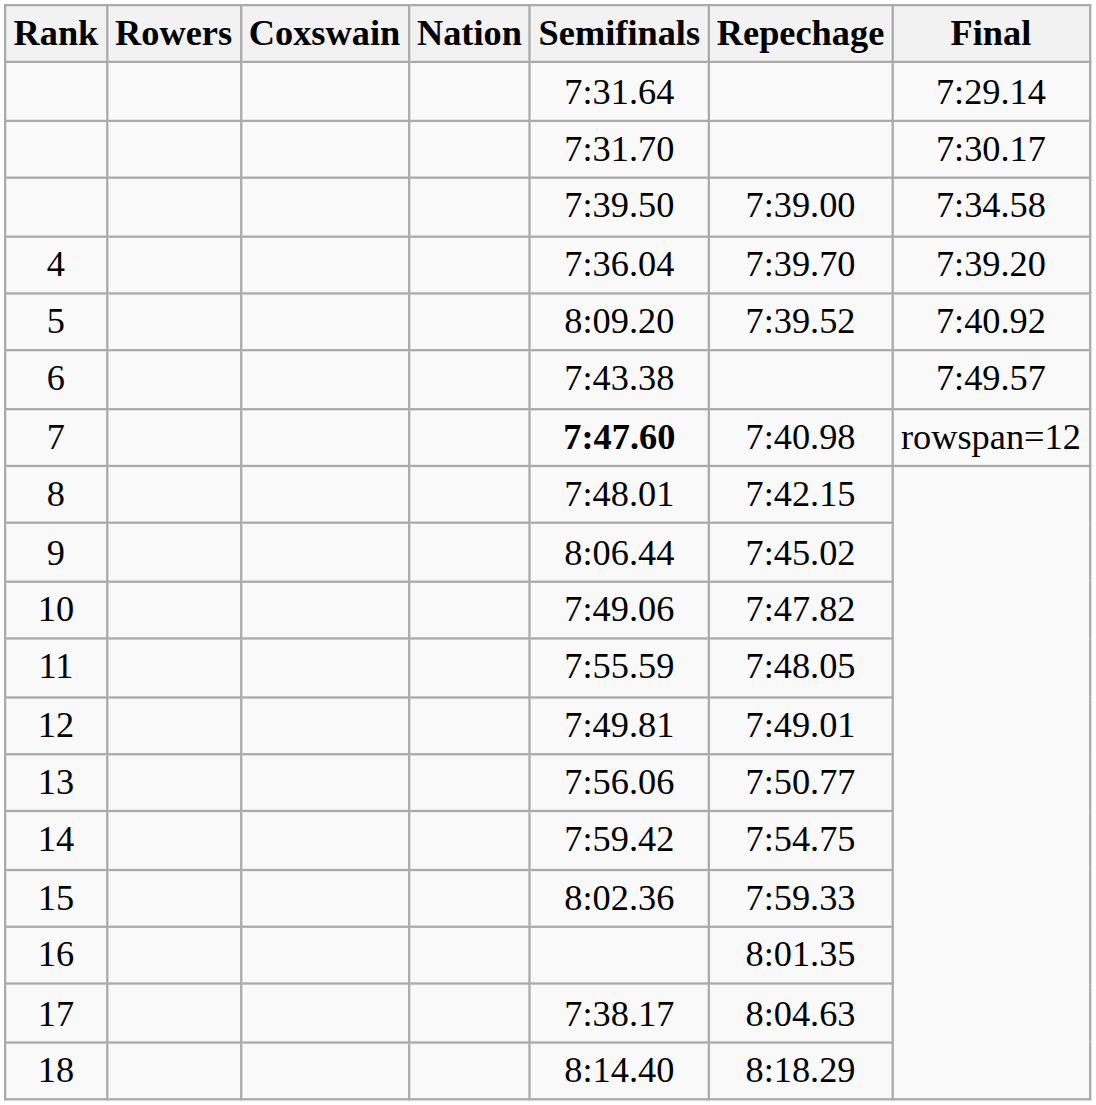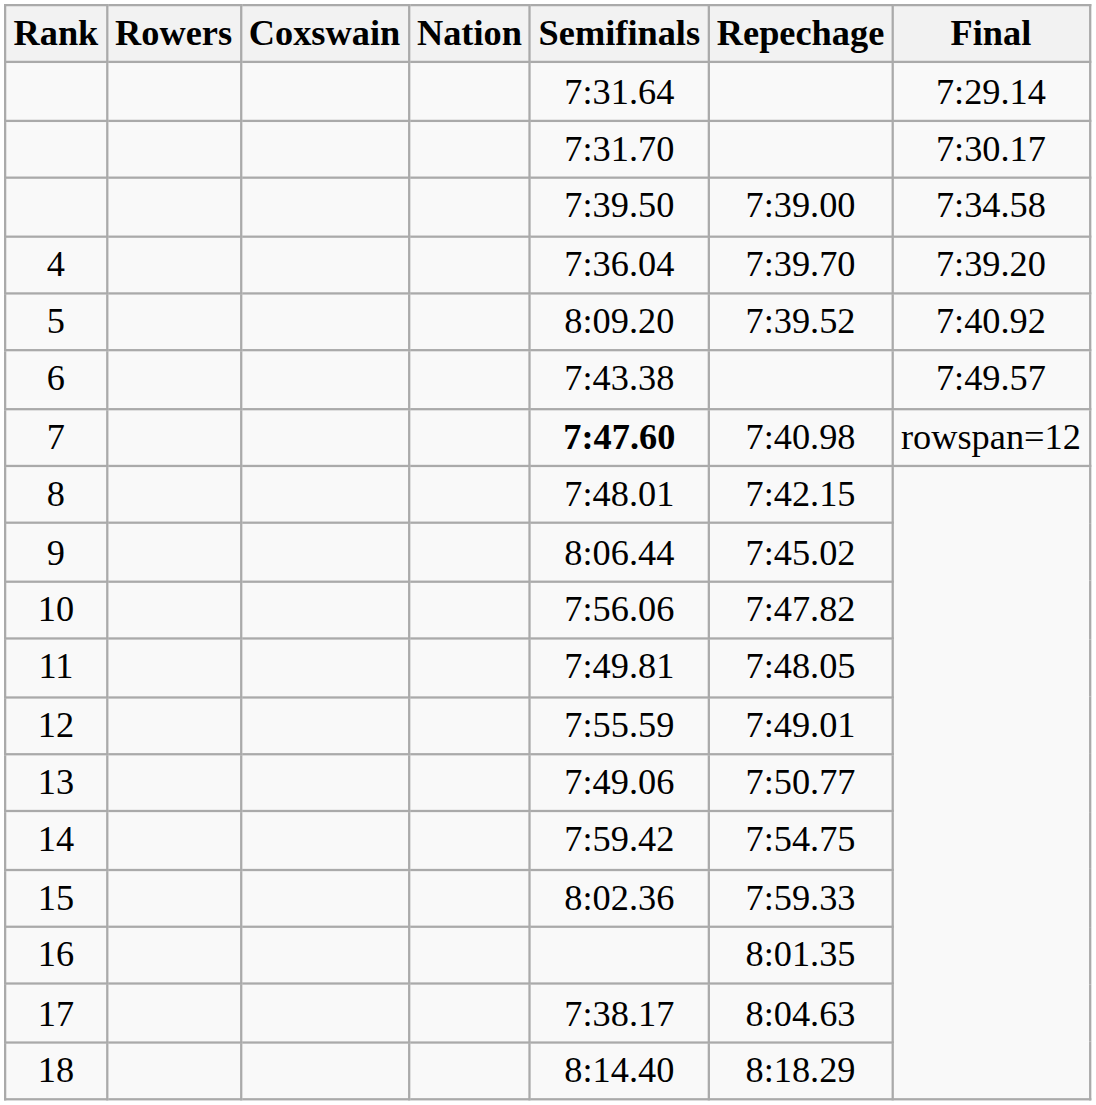 <table class="wikitable sortable" style=text-align:center>
 <tr>
 <th>Rank</th>
 <th>Rowers</th>
 <th>Coxswain</th>
 <th>Nation</th>
 <th>Semifinals</th>
 <th>Repechage</th>
 <th>Final</th>
 </tr>
 <tr>
 <td></td>
 <td align=left></td>
 <td align=left></td>
 <td align=left></td>
 <td>7:31.64</td>
 <td></td>
 <td>7:29.14</td>
 </tr>
 <tr>
 <td></td>
 <td align=left></td>
 <td align=left></td>
 <td align=left></td>
 <td>7:31.70</td>
 <td></td>
 <td>7:30.17</td>
 </tr>
 <tr>
 <td></td>
 <td align=left></td>
 <td align=left></td>
 <td align=left></td>
 <td>7:39.50</td>
 <td>7:39.00</td>
 <td>7:34.58</td>
 </tr>
 <tr>
 <td>4</td>
 <td align=left></td>
 <td align=left></td>
 <td align=left></td>
 <td>7:36.04</td>
 <td>7:39.70</td>
 <td>7:39.20</td>
 </tr>
 <tr>
 <td>5</td>
 <td align=left></td>
 <td align=left></td>
 <td align=left></td>
 <td>8:09.20</td>
 <td>7:39.52</td>
 <td>7:40.92</td>
 </tr>
 <tr>
 <td>6</td>
 <td align=left></td>
 <td align=left></td>
 <td align=left></td>
 <td>7:43.38</td>
 <td></td>
 <td>7:49.57</td>
 </tr>
 <tr>
 <td>7</td>
 <td align=left></td>
 <td align=left></td>
 <td align=left></td>
 <td><strong>7:47.60</strong></td>
 <td>7:40.98</td>
 <td>rowspan=12 </td>
 </tr>
 <tr>
 <td>8</td>
 <td align=left></td>
 <td align=left></td>
 <td align=left></td>
 <td>7:48.01</td>
 <td>7:42.15</td>
 </tr>
 <tr>
 <td>9</td>
 <td align=left></td>
 <td align=left></td>
 <td align=left></td>
 <td>8:06.44</td>
 <td>7:45.02</td>
 </tr>
 <tr>
 <td>10</td>
 <td align=left></td>
 <td align=left></td>
 <td align=left></td>
-<td>7:49.06</td>
+<td>7:56.06</td>
 <td>7:47.82</td>
 </tr>
 <tr>
 <td>11</td>
 <td align=left></td>
 <td align=left></td>
 <td align=left></td>
-<td>7:55.59</td>
+<td>7:49.81</td>
 <td>7:48.05</td>
 </tr>
 <tr>
 <td>12</td>
 <td align=left></td>
 <td align=left></td>
 <td align=left></td>
-<td>7:49.81</td>
+<td>7:55.59</td>
 <td>7:49.01</td>
 </tr>
 <tr>
 <td>13</td>
 <td align=left></td>
 <td align=left></td>
 <td align=left></td>
-<td>7:56.06</td>
+<td>7:49.06</td>
 <td>7:50.77</td>
 </tr>
 <tr>
 <td>14</td>
 <td align=left></td>
 <td align=left></td>
 <td align=left></td>
 <td>7:59.42</td>
 <td>7:54.75</td>
 </tr>
 <tr>
 <td>15</td>
 <td align=left></td>
 <td align=left></td>
 <td align=left></td>
 <td>8:02.36</td>
 <td>7:59.33</td>
 </tr>
 <tr>
 <td>16</td>
 <td align=left></td>
 <td align=left></td>
 <td align=left></td>
 <td data-sort-value=9:99.99></td>
 <td>8:01.35</td>
 </tr>
 <tr>
 <td>17</td>
 <td align=left></td>
 <td align=left></td>
 <td align=left></td>
 <td>7:38.17</td>
 <td>8:04.63</td>
 </tr>
 <tr>
 <td>18</td>
 <td align=left></td>
 <td align=left></td>
 <td align=left></td>
 <td>8:14.40</td>
 <td>8:18.29</td>
 </tr>
 </table>
